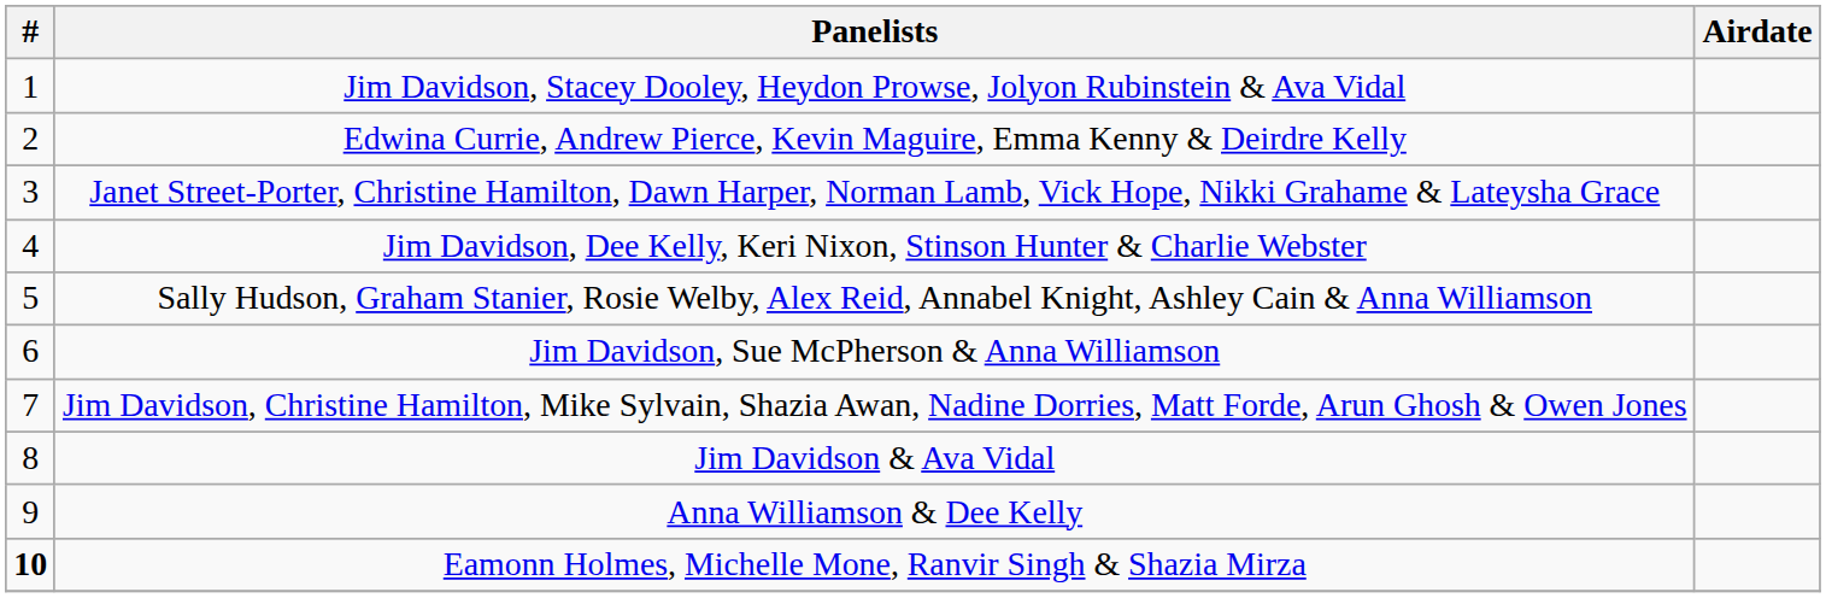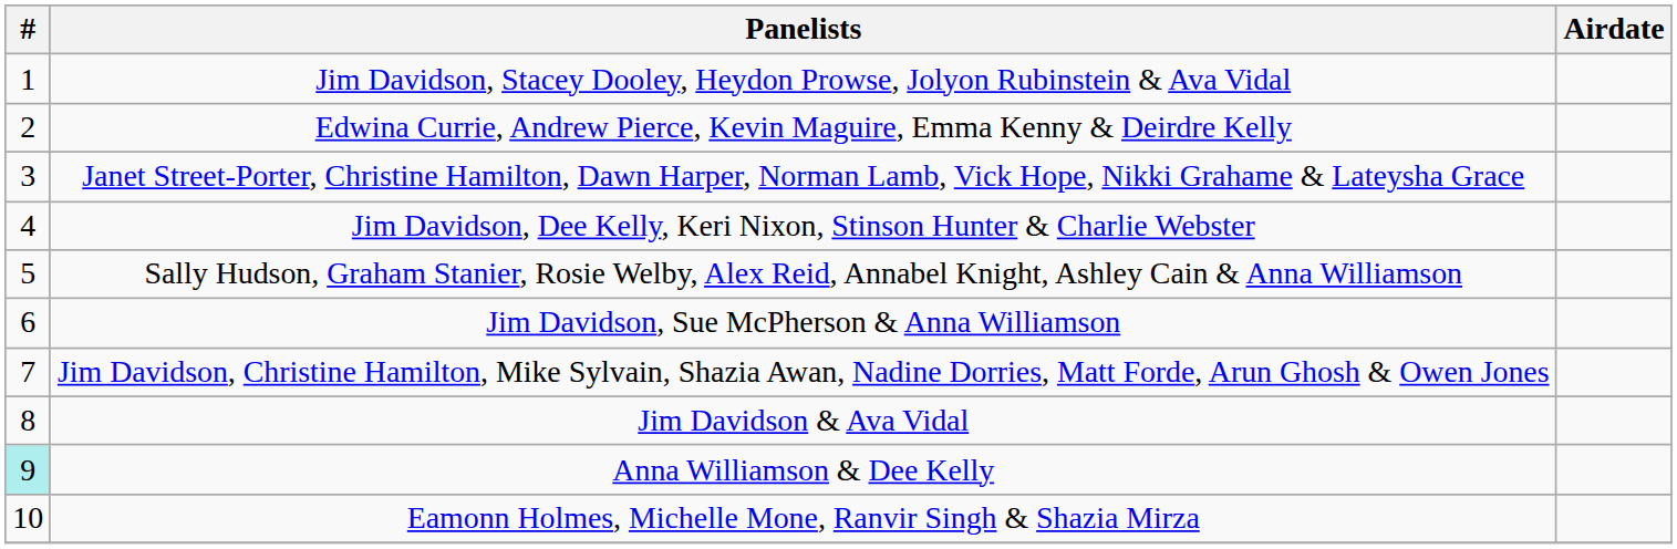 <table class="wikitable" style="text-align:center;">
 <tr>
 <th>#</th>
 <th>Panelists</th>
 <th>Airdate</th>
 </tr>
 <tr>
 <td>1</td>
 <td><a href='#'>Jim Davidson</a>, <a href='#'>Stacey Dooley</a>, <a href='#'>Heydon Prowse</a>, <a href='#'>Jolyon Rubinstein</a> & <a href='#'>Ava Vidal</a></td>
 <td></td>
 </tr>
 <tr>
 <td>2</td>
 <td><a href='#'>Edwina Currie</a>, <a href='#'>Andrew Pierce</a>, <a href='#'>Kevin Maguire</a>, Emma Kenny & <a href='#'>Deirdre Kelly</a></td>
 <td></td>
 </tr>
 <tr>
 <td>3</td>
 <td><a href='#'>Janet Street-Porter</a>, <a href='#'>Christine Hamilton</a>, <a href='#'>Dawn Harper</a>, <a href='#'>Norman Lamb</a>, <a href='#'>Vick Hope</a>, <a href='#'>Nikki Grahame</a> & <a href='#'>Lateysha Grace</a></td>
 <td></td>
 </tr>
 <tr>
 <td>4</td>
 <td><a href='#'>Jim Davidson</a>, <a href='#'>Dee Kelly</a>, Keri Nixon, <a href='#'>Stinson Hunter</a> & <a href='#'>Charlie Webster</a></td>
 <td></td>
 </tr>
 <tr>
 <td>5</td>
 <td>Sally Hudson, <a href='#'>Graham Stanier</a>, Rosie Welby, <a href='#'>Alex Reid</a>, Annabel Knight, Ashley Cain & <a href='#'>Anna Williamson</a></td>
 <td></td>
 </tr>
 <tr>
 <td>6</td>
 <td><a href='#'>Jim Davidson</a>, Sue McPherson & <a href='#'>Anna Williamson</a></td>
 <td></td>
 </tr>
 <tr>
 <td>7</td>
 <td><a href='#'>Jim Davidson</a>, <a href='#'>Christine Hamilton</a>, Mike Sylvain, Shazia Awan, <a href='#'>Nadine Dorries</a>, <a href='#'>Matt Forde</a>, <a href='#'>Arun Ghosh</a> & <a href='#'>Owen Jones</a></td>
 <td></td>
 </tr>
 <tr>
 <td>8</td>
 <td><a href='#'>Jim Davidson</a> & <a href='#'>Ava Vidal</a></td>
 <td></td>
 </tr>
 <tr>
-<td>9</td>
+<td style="background: paleturquoise;">9</td>
 <td><a href='#'>Anna Williamson</a> & <a href='#'>Dee Kelly</a></td>
 <td></td>
 </tr>
 <tr>
-<td><strong>10</strong></td>
+<td>10</td>
 <td><a href='#'>Eamonn Holmes</a>, <a href='#'>Michelle Mone</a>, <a href='#'>Ranvir Singh</a> & <a href='#'>Shazia Mirza</a></td>
 <td></td>
 </tr>
 <tr>
 </tr>
 </table>
